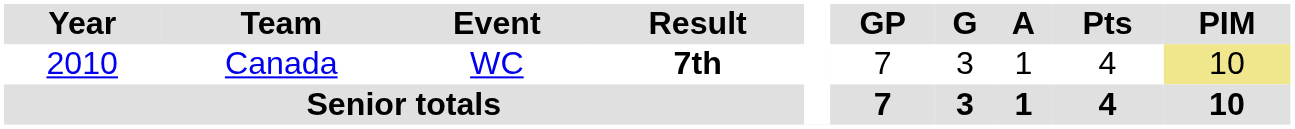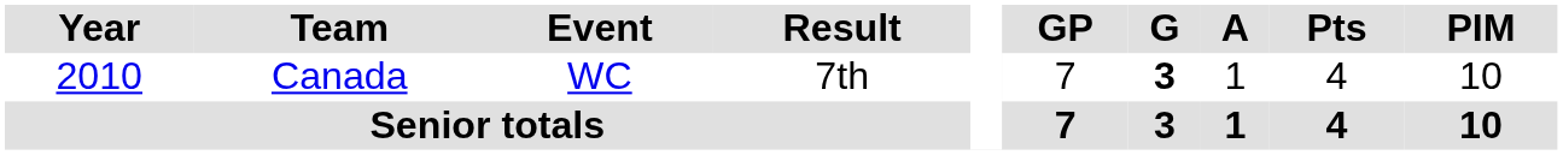 <table border="0" cellpadding="1" cellspacing="0" style="text-align:center; width:40em">
 <tr ALIGN="center" bgcolor="#e0e0e0">
 <th>Year</th>
 <th>Team</th>
 <th>Event</th>
 <th>Result</th>
 <th rowspan="99" bgcolor="#ffffff"> </th>
 <th>GP</th>
 <th>G</th>
 <th>A</th>
 <th>Pts</th>
 <th>PIM</th>
 </tr>
 <tr>
 <td><a href='#'>2010</a></td>
 <td><a href='#'>Canada</a></td>
 <td><a href='#'>WC</a></td>
-<td><strong>7th</strong></td>
+<td>7th</td>
 <td>7</td>
-<td>3</td>
+<td><strong>3</strong></td>
 <td>1</td>
 <td>4</td>
-<td style="background: khaki;">10</td>
+<td>10</td>
 </tr>
 <tr bgcolor="#e0e0e0">
 <th colspan=4>Senior totals</th>
 <th>7</th>
 <th>3</th>
 <th>1</th>
 <th>4</th>
 <th>10</th>
 </tr>
 </table>
